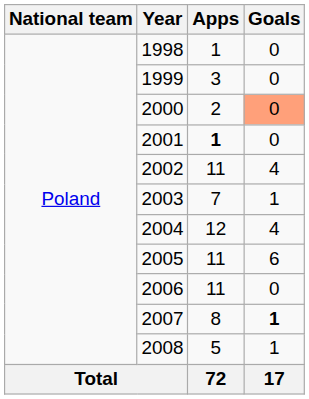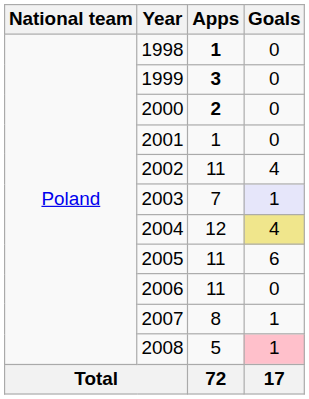 <table class="wikitable" style="text-align:center">
 <tr>
 <th>National team</th>
 <th>Year</th>
 <th>Apps</th>
 <th>Goals</th>
 </tr>
 <tr>
 <td rowspan="11"><a href='#'>Poland</a></td>
 <td>1998</td>
-<td>1</td>
+<td><strong>1</strong></td>
 <td>0</td>
 </tr>
 <tr>
 <td>1999</td>
-<td>3</td>
+<td><strong>3</strong></td>
 <td>0</td>
 </tr>
 <tr>
 <td>2000</td>
-<td>2</td>
-<td style="background: lightsalmon;">0</td>
+<td><strong>2</strong></td>
+<td>0</td>
 </tr>
 <tr>
 <td>2001</td>
-<td><strong>1</strong></td>
+<td>1</td>
 <td>0</td>
 </tr>
 <tr>
 <td>2002</td>
 <td>11</td>
 <td>4</td>
 </tr>
 <tr>
 <td>2003</td>
 <td>7</td>
-<td>1</td>
+<td style="background: lavender;">1</td>
 </tr>
 <tr>
 <td>2004</td>
 <td>12</td>
-<td>4</td>
+<td style="background: khaki;">4</td>
 </tr>
 <tr>
 <td>2005</td>
 <td>11</td>
 <td>6</td>
 </tr>
 <tr>
 <td>2006</td>
 <td>11</td>
 <td>0</td>
 </tr>
 <tr>
 <td>2007</td>
 <td>8</td>
-<td><strong>1</strong></td>
+<td>1</td>
 </tr>
 <tr>
 <td>2008</td>
 <td>5</td>
-<td>1</td>
+<td style="background: pink;">1</td>
 </tr>
 <tr>
 <th colspan="2">Total</th>
 <th>72</th>
 <th>17</th>
 </tr>
 </table>
